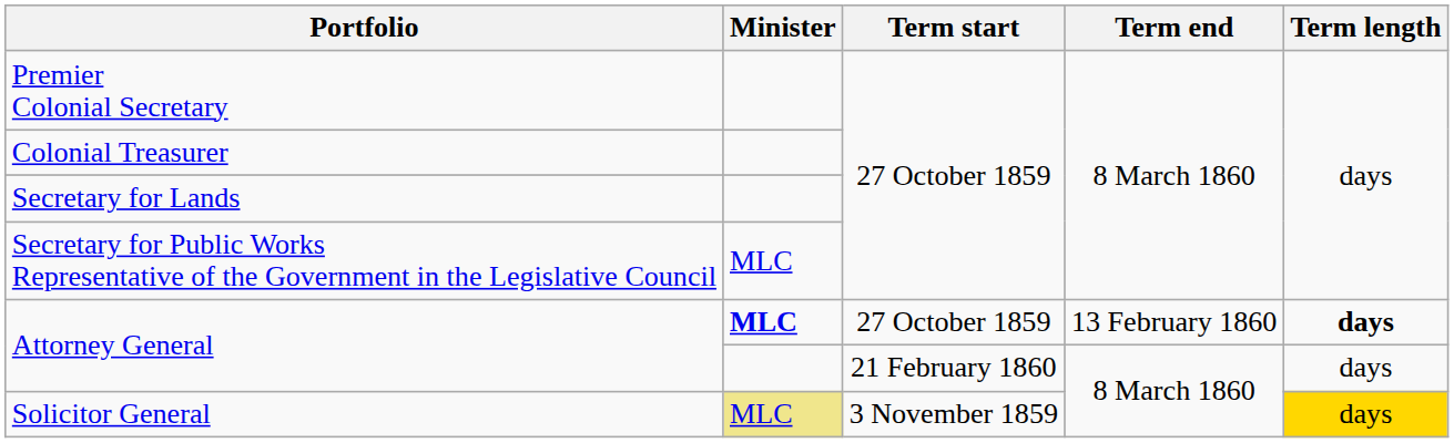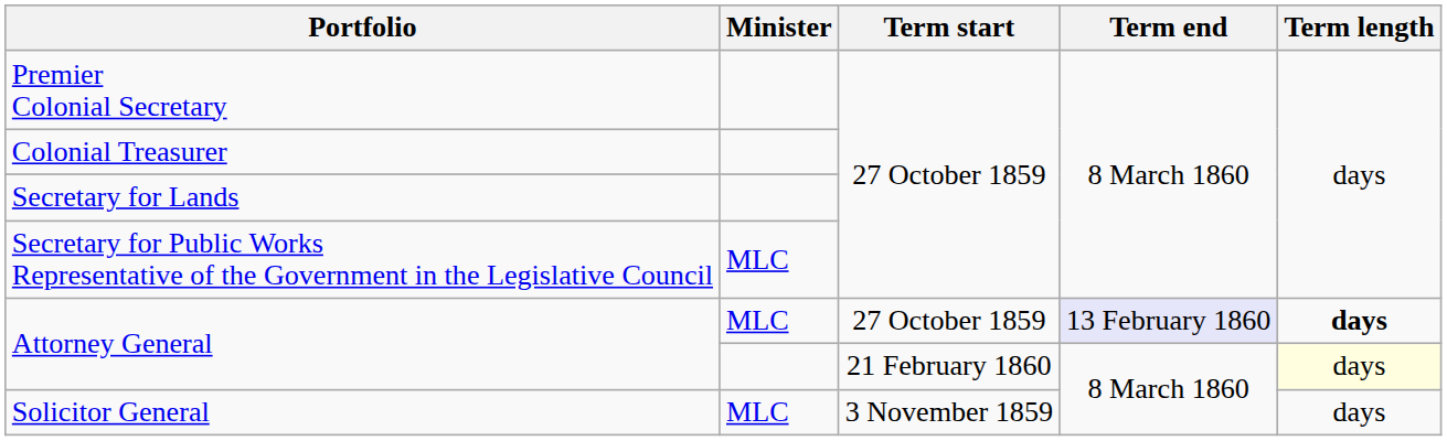 <table class="wikitable sortable">
 <tr>
 <th>Portfolio</th>
 <th>Minister</th>
 <th>Term start</th>
 <th>Term end</th>
 <th>Term length</th>
 </tr>
 <tr>
 <td><a href='#'>Premier</a><br><a href='#'>Colonial Secretary</a><br></td>
 <td></td>
 <td rowspan="4" align="center">27 October 1859</td>
 <td rowspan="4" align="center">8 March 1860</td>
 <td rowspan="4" align="center"> days</td>
 </tr>
 <tr>
 <td><a href='#'>Colonial Treasurer</a></td>
 <td></td>
 </tr>
 <tr>
 <td><a href='#'>Secretary for Lands</a></td>
 <td></td>
 </tr>
 <tr>
 <td><a href='#'>Secretary for Public Works</a><br><a href='#'>Representative of the Government in the Legislative Council</a></td>
 <td> <a href='#'>MLC</a></td>
 </tr>
 <tr>
 <td rowspan="2"><a href='#'>Attorney General</a></td>
-<td><strong> <a href='#'>MLC</a></strong></td>
+<td> <a href='#'>MLC</a></td>
 <td align="center">27 October 1859</td>
-<td align="center">13 February 1860</td>
+<td align="center" style="background: lavender;">13 February 1860</td>
 <td align="center"><strong> days</strong></td>
 </tr>
 <tr>
 <td></td>
 <td align="center">21 February 1860</td>
 <td rowspan="2" align="center">8 March 1860</td>
-<td align="center"> days</td>
+<td align="center" style="background: lightyellow;"> days</td>
 </tr>
 <tr>
 <td><a href='#'>Solicitor General</a></td>
-<td style="background: khaki;"> <a href='#'>MLC</a></td>
+<td> <a href='#'>MLC</a></td>
 <td align="center">3 November 1859</td>
-<td align="center" style="background: gold;"> days</td>
+<td align="center"> days</td>
 </tr>
 </table>
